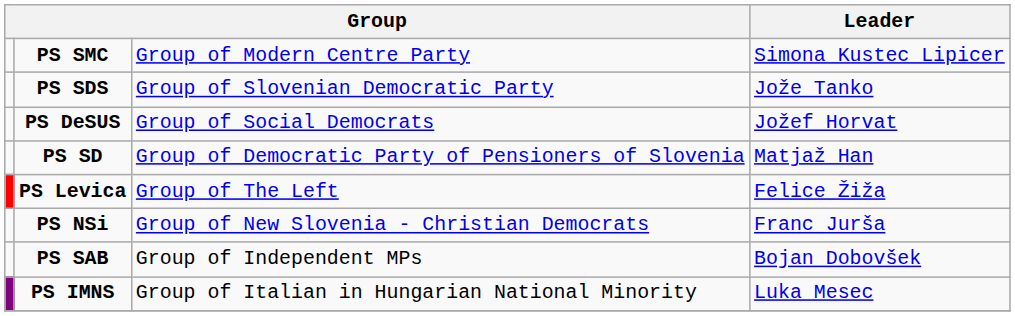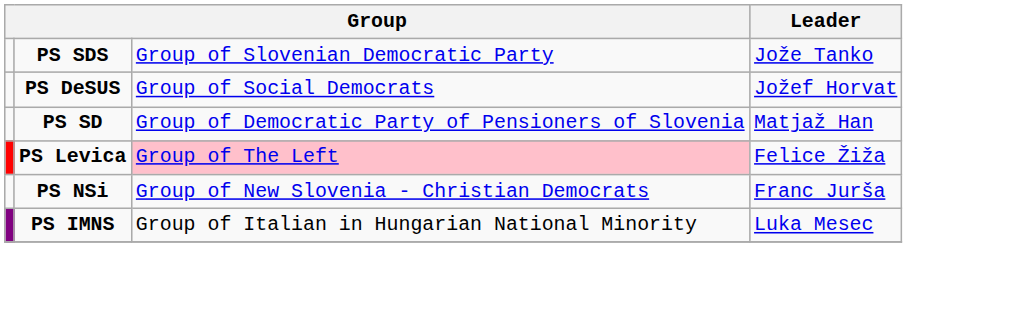 <table class="wikitable" style="line-height:16px;">
 <tr>
 <th colspan="3">Group</th>
 <th>Leader</th>
-</tr>
-<tr>
-<td style="background:"></td>
-<td style="text-align:center;"><strong>PS SMC</strong></td>
-<td><a href='#'>Group of Modern Centre Party</a><br></td>
-<td><a href='#'>Simona Kustec Lipicer</a></td>
 </tr>
 <tr>
 <td style="background:"></td>
 <td style="text-align:center;"><strong>PS SDS</strong></td>
 <td><a href='#'>Group of Slovenian Democratic Party</a><br></td>
 <td><a href='#'>Jože Tanko</a></td>
 </tr>
 <tr>
 <td style="background:"></td>
 <td style="text-align:center;"><strong>PS DeSUS</strong></td>
 <td><a href='#'>Group of Social Democrats</a><br></td>
 <td><a href='#'>Jožef Horvat</a></td>
 </tr>
 <tr>
 <td style="background:"></td>
 <td style="text-align:center;"><strong>PS SD</strong></td>
 <td><a href='#'>Group of Democratic Party of Pensioners of Slovenia</a><br></td>
 <td><a href='#'>Matjaž Han</a></td>
 </tr>
 <tr>
 <td style="background:red"></td>
 <td style="text-align:center;"><strong>PS Levica</strong></td>
-<td><a href='#'>Group of The Left</a><br></td>
+<td style="background: pink;"><a href='#'>Group of The Left</a><br></td>
 <td><a href='#'>Felice Žiža</a></td>
 </tr>
 <tr>
 <td style="background:"></td>
 <td style="text-align:center;"><strong>PS NSi</strong></td>
 <td><a href='#'>Group of New Slovenia - Christian Democrats</a><br></td>
 <td><a href='#'>Franc Jurša</a></td>
-</tr>
-<tr>
-<td style="background:"></td>
-<td style="text-align:center;"><strong>PS SAB</strong></td>
-<td>Group of Independent MPs<br></td>
-<td><a href='#'>Bojan Dobovšek</a></td>
 </tr>
 <tr>
 <td style="background:purple"></td>
 <td style="text-align:center;"><strong>PS IMNS</strong></td>
 <td>Group of Italian in Hungarian National Minority<br></td>
 <td><a href='#'>Luka Mesec</a></td>
 </tr>
 <tr>
 </tr>
 </table>
